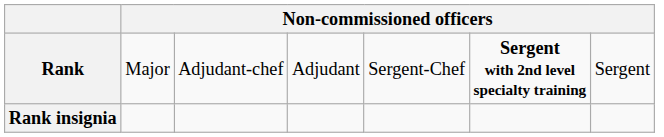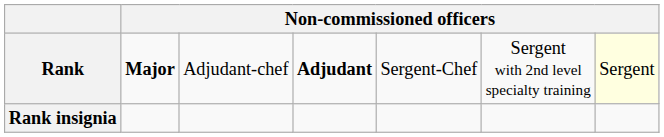 <table class="wikitable">
 <tr>
 <th></th>
 <th colspan=7>Non-commissioned officers</th>
 </tr>
 <tr style="text-align:center;">
 <th>Rank</th>
-<td>Major</td>
+<td><strong>Major</strong></td>
 <td>Adjudant-chef</td>
-<td>Adjudant</td>
+<td><strong>Adjudant</strong></td>
 <td>Sergent-Chef</td>
-<td><strong>Sergent<br><small>with 2nd level<br>specialty training</small></strong></td>
-<td>Sergent</td>
+<td>Sergent<br><small>with 2nd level<br>specialty training</small></td>
+<td style="background: lightyellow;">Sergent</td>
 </tr>
 <tr style="text-align:center;">
 <th>Rank insignia  </th>
 <td></td>
 <td></td>
 <td></td>
 <td></td>
 <td></td>
 <td></td>
 </tr>
 </table>
